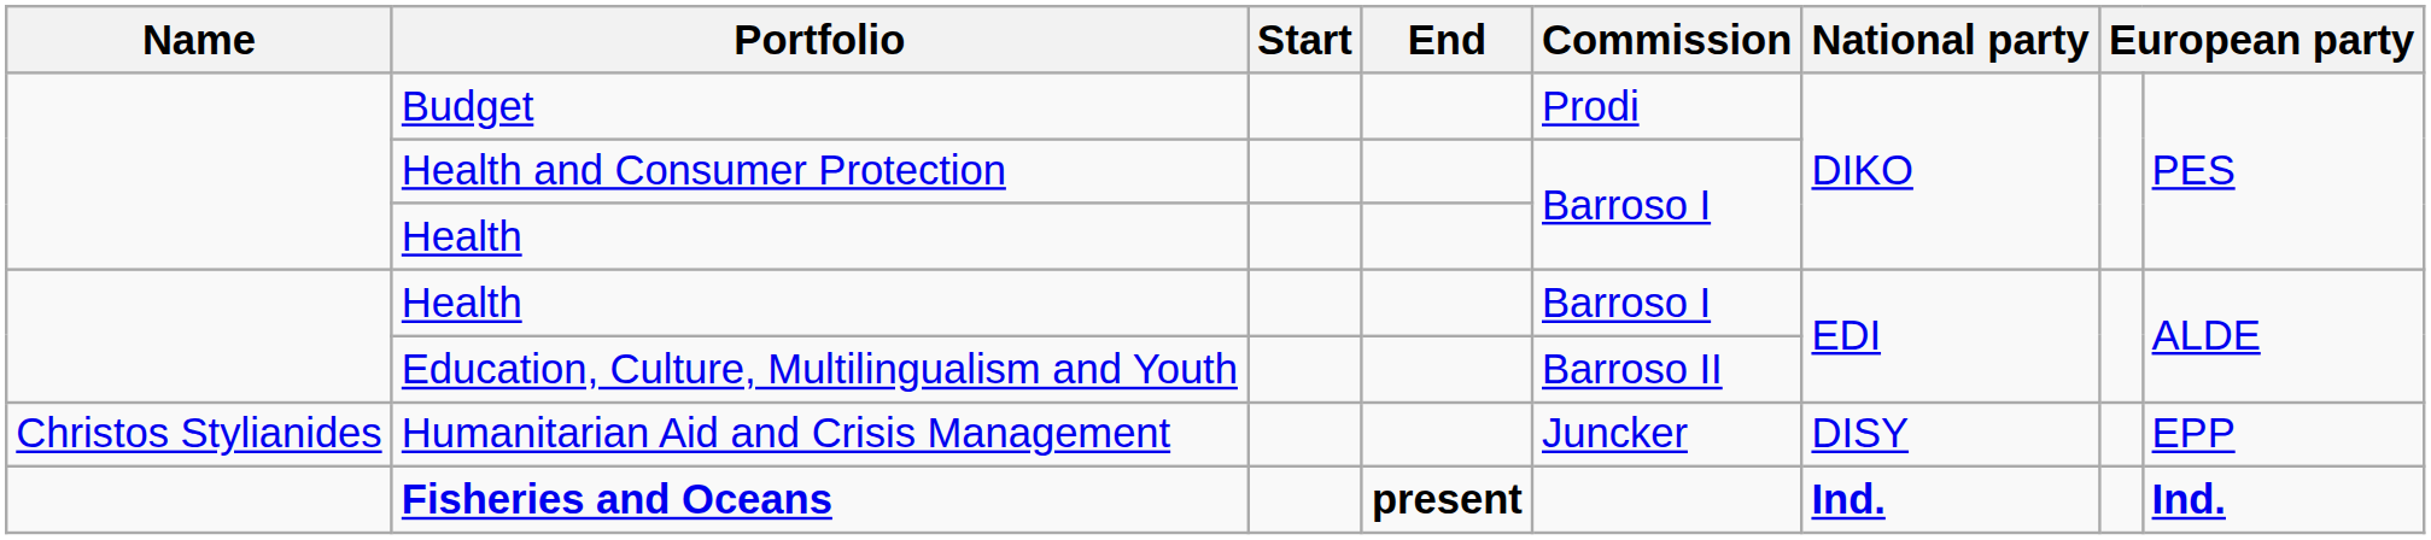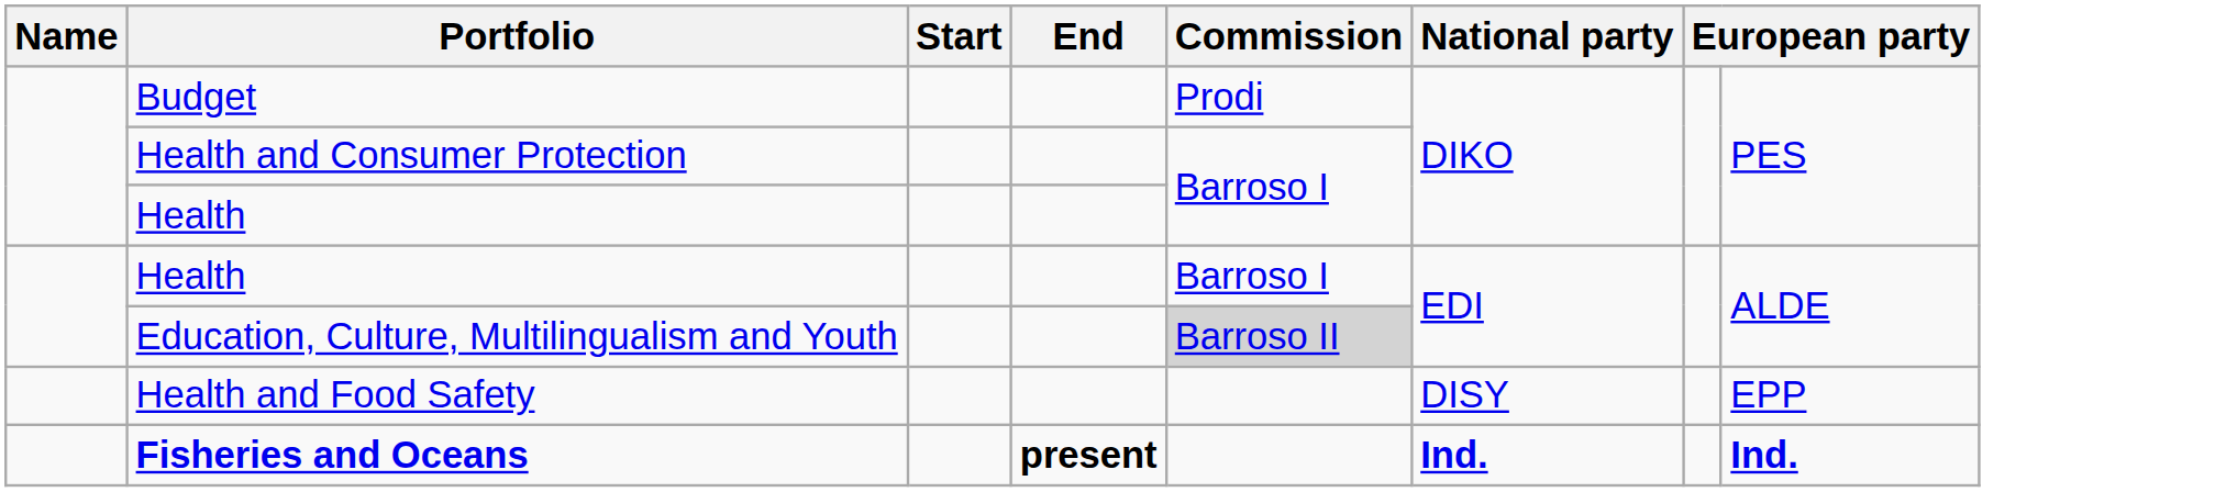 <table class="wikitable sortable" style="font-size: 90%;">
 <tr>
 <th>Name</th>
 <th>Portfolio</th>
 <th>Start</th>
 <th>End</th>
 <th>Commission</th>
 <th>National party</th>
 <th colspan=2>European party</th>
 </tr>
 <tr>
 <td rowspan=3></td>
 <td><a href='#'>Budget</a></td>
 <td></td>
 <td></td>
 <td><a href='#'>Prodi</a></td>
 <td rowspan=3><a href='#'>DIKO</a></td>
 <td rowspan=3 style="background:"></td>
 <td rowspan=3><a href='#'>PES</a></td>
 </tr>
 <tr>
 <td><a href='#'>Health and Consumer Protection</a></td>
 <td></td>
 <td></td>
 <td rowspan=2><a href='#'>Barroso I</a></td>
 </tr>
 <tr>
 <td><a href='#'>Health</a></td>
 <td></td>
 <td></td>
 </tr>
 <tr>
 <td rowspan=2></td>
 <td><a href='#'>Health</a></td>
 <td></td>
 <td></td>
 <td><a href='#'>Barroso I</a></td>
 <td rowspan=2><a href='#'>EDI</a></td>
 <td rowspan=2 style="background:"></td>
 <td rowspan=2><a href='#'>ALDE</a></td>
 </tr>
 <tr>
 <td><a href='#'>Education, Culture, Multilingualism and Youth</a></td>
 <td></td>
 <td></td>
-<td><a href='#'>Barroso II</a></td>
+<td style="background: lightgrey;"><a href='#'>Barroso II</a></td>
 </tr>
 <tr>
-<td><a href='#'>Christos Stylianides</a></td>
-<td><a href='#'>Humanitarian Aid and Crisis Management</a></td>
+<td></td>
+<td><a href='#'>Health and Food Safety</a></td>
 <td></td>
 <td></td>
-<td><a href='#'>Juncker</a></td>
+<td></td>
 <td><a href='#'>DISY</a></td>
 <td style="background:"></td>
 <td><a href='#'>EPP</a></td>
 </tr>
 <tr>
 <td><strong></strong></td>
 <td><strong><a href='#'>Fisheries and Oceans</a></strong></td>
 <td><strong></strong></td>
 <td><strong>present</strong></td>
 <td><strong></strong></td>
 <td><strong><a href='#'>Ind.</a></strong></td>
 <td style="background:"></td>
 <td><strong><a href='#'>Ind.</a></strong></td>
 </tr>
 </table>
